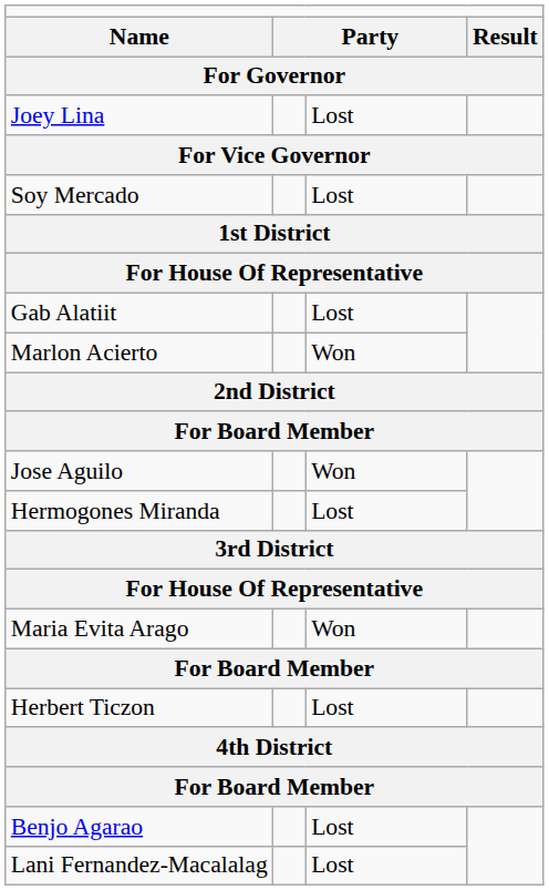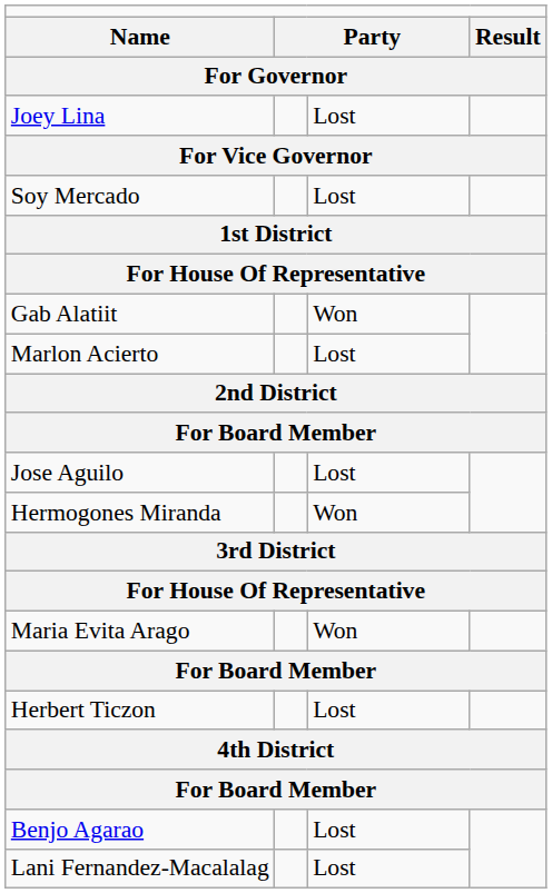 <table class="wikitable" style="font-size:90%">
 <tr>
 <td colspan="5" style="color:inherit;background:"></td>
 </tr>
 <tr>
 <th !width=150px>Name</th>
 <th colspan=2 width=110px>Party</th>
 <th>Result</th>
 </tr>
 <tr>
 <th colspan="5">For Governor</th>
 </tr>
 <tr>
 <td><a href='#'>Joey Lina</a></td>
 <td></td>
 <td>Lost</td>
 </tr>
 <tr>
 <th colspan="5">For Vice Governor</th>
 </tr>
 <tr>
 <td>Soy Mercado</td>
 <td></td>
 <td>Lost</td>
 </tr>
 <tr>
 <th colspan="5">1st District</th>
 </tr>
 <tr>
 <th colspan="5">For House Of Representative</th>
 </tr>
 <tr>
 <td>Gab Alatiit</td>
 <td></td>
-<td>Lost</td>
+<td>Won</td>
 </tr>
 <tr>
 <td>Marlon Acierto</td>
 <td></td>
-<td>Won</td>
+<td>Lost</td>
 </tr>
 <tr>
 <th colspan="5">2nd District</th>
 </tr>
 <tr>
 <th colspan="5">For Board Member</th>
 </tr>
 <tr>
 <td>Jose Aguilo</td>
 <td></td>
-<td>Won</td>
+<td>Lost</td>
 </tr>
 <tr>
 <td>Hermogones Miranda</td>
 <td></td>
-<td>Lost</td>
+<td>Won</td>
 </tr>
 <tr>
 <th colspan="5">3rd District</th>
 </tr>
 <tr>
 <th colspan="5">For House Of Representative</th>
 </tr>
 <tr>
 <td>Maria Evita Arago</td>
 <td></td>
 <td>Won</td>
 </tr>
 <tr>
 <th colspan="5">For Board Member</th>
 </tr>
 <tr>
 <td>Herbert Ticzon</td>
 <td></td>
 <td>Lost</td>
 </tr>
 <tr>
 <th colspan="5">4th District</th>
 </tr>
 <tr>
 <th colspan="5">For Board Member</th>
 </tr>
 <tr>
 <td><a href='#'>Benjo Agarao</a></td>
 <td></td>
 <td>Lost</td>
 </tr>
 <tr>
 <td>Lani Fernandez-Macalalag</td>
 <td></td>
 <td>Lost</td>
 </tr>
 </table>
